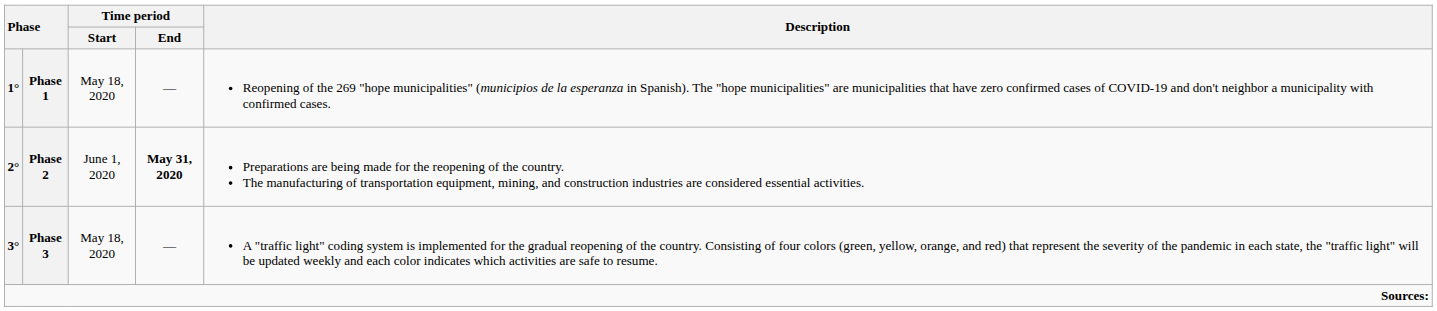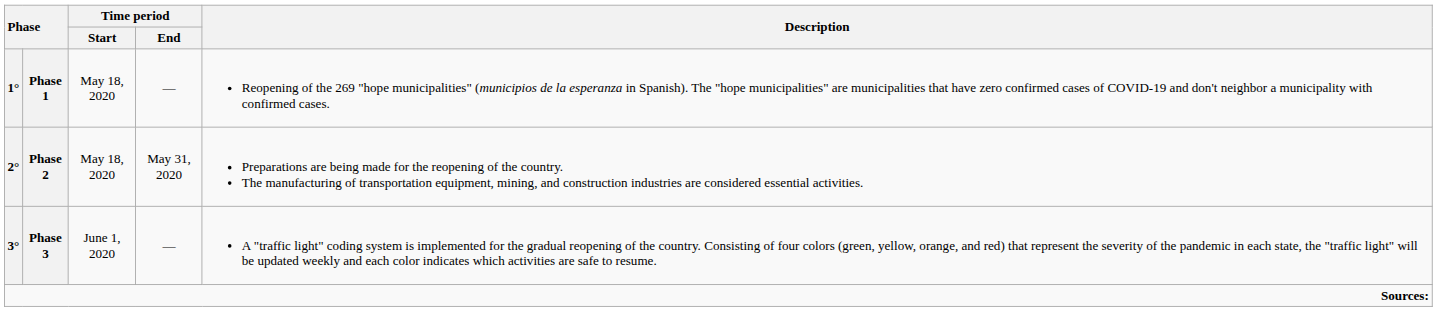 <table class="wikitable sortable" style="display: inline-table; font-size:90%; text-align:center ;">
 <tr>
 <th colspan ="2" rowspan="2" style="text-align:left;">Phase</th>
 <th colspan="2" style="text-align:center;">Time period</th>
 <th rowspan="2" style="text-align:center;">Description</th>
 </tr>
 <tr>
 <th style="text-align:center;">Start</th>
 <th style="text-align:center;">End</th>
 </tr>
 <tr>
 <th>1°</th>
 <th>Phase 1</th>
 <td>May 18, 2020</td>
 <td>—</td>
 <td style="text-align:left"><br><ul><li>Reopening of the 269 "hope municipalities" (<em>municipios de la esperanza</em> in Spanish). The "hope municipalities" are municipalities that have zero confirmed cases of COVID-19 and don't neighbor a municipality with confirmed cases.</li></ul></td>
 </tr>
 <tr>
 <th>2°</th>
 <th>Phase 2</th>
-<td>June 1, 2020</td>
-<td><strong>May 31, 2020</strong></td>
+<td>May 18, 2020</td>
+<td>May 31, 2020</td>
 <td style="text-align:left"><br><ul><li>Preparations are being made for the reopening of the country.</li><li>The manufacturing of transportation equipment, mining, and construction industries are considered essential activities.</li></ul></td>
 </tr>
 <tr>
 <th>3°</th>
 <th>Phase 3</th>
-<td>May 18, 2020</td>
+<td>June 1, 2020</td>
 <td>—</td>
 <td style="text-align:left"><br><ul><li>A "traffic light" coding system is implemented for the gradual reopening of the country. Consisting of four colors (green, yellow, orange, and red) that represent the severity of the pandemic in each state, the "traffic light" will be updated weekly and each color indicates which activities are safe to resume.</li></ul></td>
 </tr>
 <tr>
 <td style="text-align:right;" colspan="5"><strong>Sources:</strong></td>
 </tr>
 </table>
